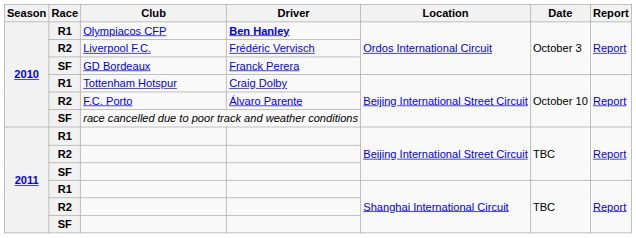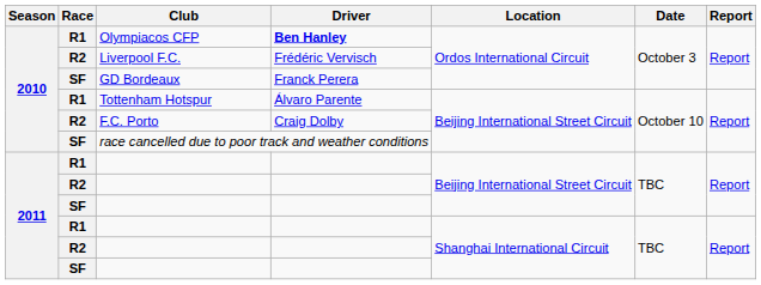 <table class="wikitable" style="font-size: 95%;">
 <tr>
 <th>Season</th>
 <th>Race</th>
 <th>Club</th>
 <th>Driver</th>
 <th>Location</th>
 <th>Date</th>
 <th>Report</th>
 </tr>
 <tr>
 <th rowspan=6><a href='#'>2010</a></th>
 <th>R1</th>
 <td> <a href='#'>Olympiacos CFP</a></td>
 <td><strong> <a href='#'>Ben Hanley</a></strong></td>
 <td rowspan=3><a href='#'>Ordos International Circuit</a></td>
 <td rowspan=3>October 3</td>
 <td rowspan=3><a href='#'>Report</a></td>
 </tr>
 <tr>
 <th>R2</th>
 <td> <a href='#'>Liverpool F.C.</a></td>
 <td> <a href='#'>Frédéric Vervisch</a></td>
 </tr>
 <tr>
 <th>SF</th>
 <td> <a href='#'>GD Bordeaux</a></td>
 <td> <a href='#'>Franck Perera</a></td>
 </tr>
 <tr>
 <th>R1</th>
 <td> <a href='#'>Tottenham Hotspur</a></td>
-<td> <a href='#'>Craig Dolby</a></td>
+<td> <a href='#'>Álvaro Parente</a></td>
 <td rowspan=3><a href='#'>Beijing International Street Circuit</a></td>
 <td rowspan=3>October 10</td>
 <td rowspan=3><a href='#'>Report</a></td>
 </tr>
 <tr>
 <th>R2</th>
 <td> <a href='#'>F.C. Porto</a></td>
-<td> <a href='#'>Álvaro Parente</a></td>
+<td> <a href='#'>Craig Dolby</a></td>
 </tr>
 <tr>
 <th>SF</th>
 <td colspan=2><em>race cancelled due to poor track and weather conditions</em></td>
 </tr>
 <tr>
 <th rowspan=6><a href='#'>2011</a></th>
 <th>R1</th>
 <td></td>
 <td></td>
 <td rowspan=3><a href='#'>Beijing International Street Circuit</a></td>
 <td rowspan=3>TBC</td>
 <td rowspan=3><a href='#'>Report</a></td>
 </tr>
 <tr>
 <th>R2</th>
 <td></td>
 <td></td>
 </tr>
 <tr>
 <th>SF</th>
 <td></td>
 <td></td>
 </tr>
 <tr>
 <th>R1</th>
 <td></td>
 <td></td>
 <td rowspan=3><a href='#'>Shanghai International Circuit</a></td>
 <td rowspan=3>TBC</td>
 <td rowspan=3><a href='#'>Report</a></td>
 </tr>
 <tr>
 <th>R2</th>
 <td></td>
 <td></td>
 </tr>
 <tr>
 <th>SF</th>
 <td></td>
 <td></td>
 </tr>
 </table>
